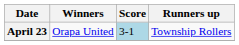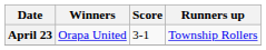 <table class="wikitable sortable plainrowheaders">
 <tr>
 <th scope="col">Date</th>
 <th scope="col">Winners</th>
 <th scope="col">Score</th>
 <th scope="col">Runners up</th>
 </tr>
 <tr>
 <th scope="row">April 23</th>
 <td><a href='#'>Orapa United</a></td>
-<td style="background: lightblue;">3-1</td>
+<td>3-1</td>
 <td><a href='#'>Township Rollers</a></td>
 </tr>
 <tr>
 </tr>
 </table>
